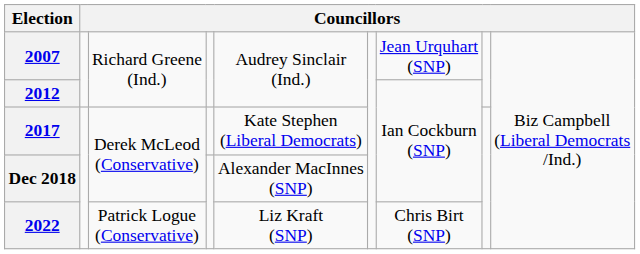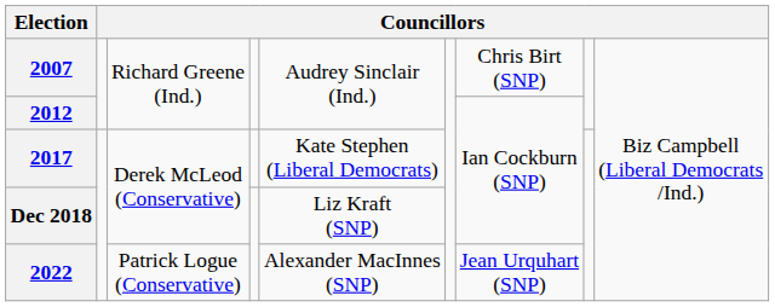 <table class="wikitable" style="text-align:center">
 <tr>
 <th>Election</th>
 <th colspan=8>Councillors</th>
 </tr>
 <tr>
 <th><a href='#'>2007</a></th>
 <td rowspan=2; style="background-color: "></td>
 <td rowspan=2>Richard Greene<br>(Ind.)</td>
 <td rowspan=2; style="background-color: "></td>
 <td rowspan=2>Audrey Sinclair<br>(Ind.)</td>
 <td rowspan=5; style="background-color: "></td>
-<td rowspan=1><a href='#'>Jean Urquhart</a><br>(<a href='#'>SNP</a>)</td>
+<td rowspan=1>Chris Birt<br>(<a href='#'>SNP</a>)</td>
 <td rowspan=2; style="background-color: "></td>
 <td rowspan=5>Biz Campbell<br>(<a href='#'>Liberal Democrats</a><br>/Ind.)</td>
 </tr>
 <tr>
 <th><a href='#'>2012</a></th>
 <td rowspan=3>Ian Cockburn<br>(<a href='#'>SNP</a>)</td>
 </tr>
 <tr>
 <th><a href='#'>2017</a></th>
 <td rowspan=3; style="background-color: "></td>
 <td rowspan=2>Derek McLeod<br>(<a href='#'>Conservative</a>)</td>
 <td rowspan=1; style="background-color: "></td>
 <td rowspan=1>Kate Stephen<br>(<a href='#'>Liberal Democrats</a>)</td>
 <td rowspan=3; style="background-color: "></td>
 </tr>
 <tr>
 <th>Dec 2018</th>
 <td rowspan=2; style="background-color: "></td>
-<td rowspan=1>Alexander MacInnes<br>(<a href='#'>SNP</a>)</td>
+<td rowspan=1>Liz Kraft<br>(<a href='#'>SNP</a>)</td>
 </tr>
 <tr>
 <th><a href='#'>2022</a></th>
 <td rowspan=2>Patrick Logue<br>(<a href='#'>Conservative</a>)</td>
-<td rowspan=1>Liz Kraft<br>(<a href='#'>SNP</a>)</td>
-<td rowspan=1>Chris Birt<br>(<a href='#'>SNP</a>)</td>
+<td rowspan=1>Alexander MacInnes<br>(<a href='#'>SNP</a>)</td>
+<td rowspan=1><a href='#'>Jean Urquhart</a><br>(<a href='#'>SNP</a>)</td>
 </tr>
 </table>
